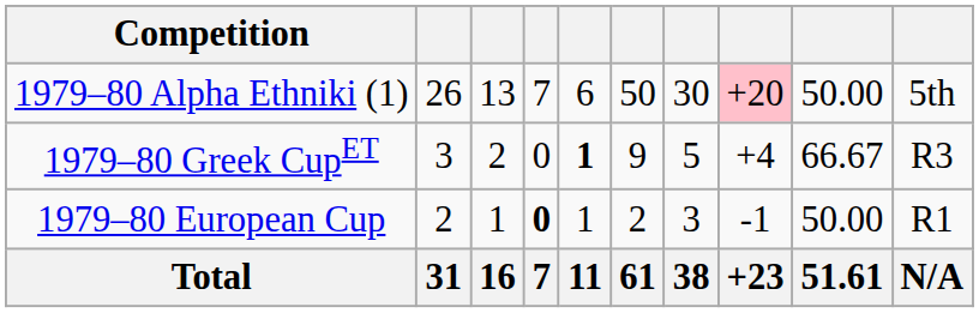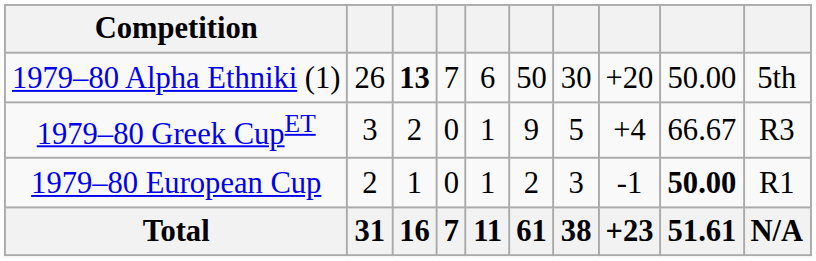 <table class="wikitable" style="text-align:center">
 <tr>
 <th>Competition</th>
 <th></th>
 <th></th>
 <th></th>
 <th></th>
 <th></th>
 <th></th>
 <th></th>
 <th></th>
 <th></th>
 </tr>
 <tr>
 <td><a href='#'>1979–80 Alpha Ethniki</a> (1)</td>
 <td>26</td>
-<td>13</td>
+<td><strong>13</strong></td>
 <td>7</td>
 <td>6</td>
 <td>50</td>
 <td>30</td>
-<td style="background: pink;">+20</td>
+<td>+20</td>
 <td>50.00</td>
 <td>5th</td>
 </tr>
 <tr>
 <td><a href='#'>1979–80 Greek Cup</a><sup><a href='#'>ET</a></sup></td>
 <td>3</td>
 <td>2</td>
 <td>0</td>
-<td><strong>1</strong></td>
+<td>1</td>
 <td>9</td>
 <td>5</td>
 <td>+4</td>
 <td>66.67</td>
 <td>R3</td>
 </tr>
 <tr>
 <td><a href='#'>1979–80 European Cup</a></td>
 <td>2</td>
 <td>1</td>
-<td><strong>0</strong></td>
+<td>0</td>
 <td>1</td>
 <td>2</td>
 <td>3</td>
 <td>-1</td>
-<td>50.00</td>
+<td><strong>50.00</strong></td>
 <td>R1</td>
 </tr>
 <tr>
 <th>Total</th>
 <th>31</th>
 <th>16</th>
 <th>7</th>
 <th>11</th>
 <th>61</th>
 <th>38</th>
 <th>+23</th>
 <th>51.61</th>
 <th>N/A</th>
 </tr>
 </table>
